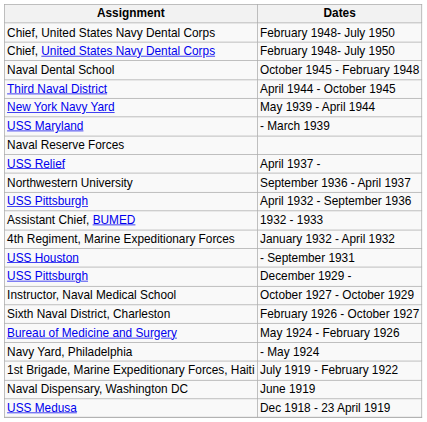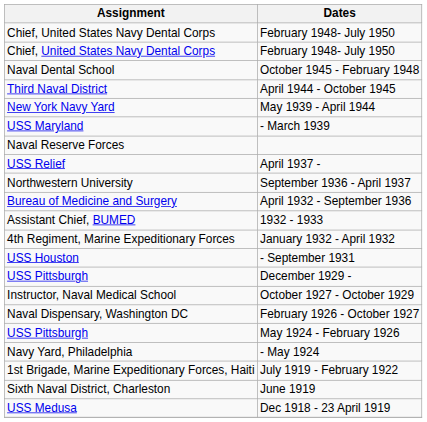 <table class="wikitable floatright mw-collapsible nowrap mw-collapsed">
 <tr>
 <th>Assignment</th>
 <th>Dates</th>
 </tr>
 <tr>
 <td>Chief, United States Navy Dental Corps</td>
 <td>February 1948- July 1950</td>
 </tr>
 <tr>
 <td>Chief, <a href='#'>United States Navy Dental Corps</a></td>
 <td>February 1948- July 1950</td>
 </tr>
 <tr>
 <td>Naval Dental School</td>
 <td>October 1945 - February 1948</td>
 </tr>
 <tr>
 <td><a href='#'>Third Naval District</a></td>
 <td>April 1944 - October 1945</td>
 </tr>
 <tr>
 <td><a href='#'>New York Navy Yard</a></td>
 <td>May 1939 - April 1944</td>
 </tr>
 <tr>
 <td><a href='#'>USS Maryland</a></td>
 <td>- March 1939</td>
 </tr>
 <tr>
 <td>Naval Reserve Forces</td>
 <td></td>
 </tr>
 <tr>
 <td><a href='#'>USS Relief</a></td>
 <td>April 1937 -</td>
 </tr>
 <tr>
 <td>Northwestern University</td>
 <td>September 1936 - April 1937</td>
 </tr>
 <tr>
-<td><a href='#'>USS Pittsburgh</a></td>
+<td><a href='#'>Bureau of Medicine and Surgery</a></td>
 <td>April 1932 - September 1936</td>
 </tr>
 <tr>
 <td>Assistant Chief, <a href='#'>BUMED</a></td>
 <td>1932 - 1933</td>
 </tr>
 <tr>
 <td>4th Regiment, Marine Expeditionary Forces</td>
 <td>January 1932 - April 1932</td>
 </tr>
 <tr>
 <td><a href='#'>USS Houston</a></td>
 <td>- September 1931</td>
 </tr>
 <tr>
 <td><a href='#'>USS Pittsburgh</a></td>
 <td>December 1929 -</td>
 </tr>
 <tr>
 <td>Instructor, Naval Medical School</td>
 <td>October 1927 - October 1929</td>
 </tr>
 <tr>
-<td>Sixth Naval District, Charleston</td>
+<td>Naval Dispensary, Washington DC</td>
 <td>February 1926 - October 1927</td>
 </tr>
 <tr>
-<td><a href='#'>Bureau of Medicine and Surgery</a></td>
+<td><a href='#'>USS Pittsburgh</a></td>
 <td>May 1924 - February 1926</td>
 </tr>
 <tr>
 <td>Navy Yard, Philadelphia</td>
 <td>- May 1924</td>
 </tr>
 <tr>
 <td>1st Brigade, Marine Expeditionary Forces, Haiti</td>
 <td>July 1919 - February 1922</td>
 </tr>
 <tr>
-<td>Naval Dispensary, Washington DC</td>
+<td>Sixth Naval District, Charleston</td>
 <td>June 1919</td>
 </tr>
 <tr>
 <td><a href='#'>USS Medusa</a></td>
 <td>Dec 1918 - 23 April 1919</td>
 </tr>
 <tr>
 </tr>
 </table>
